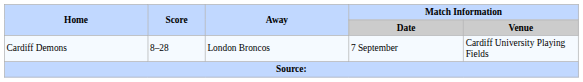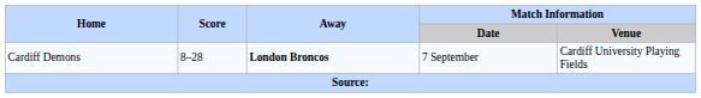 <table class="wikitable defaultcenter col1right col3left" style="font-size:90%; background-color:#F5FAFF" width=100%>
 <tr>
 <th scope="col" rowspan=2 style="background-color:#C1D8FF" width=25%>Home</th>
 <th scope="col" rowspan=2 style="background-color:#C1D8FF" width=10%>Score</th>
 <th scope="col" rowspan=2 style="background-color:#C1D8FF" width=25%>Away</th>
 <th colspan=2 style="background-color:#C1D8FF">Match Information</th>
 </tr>
 <tr>
 <th scope="col" style="background-color:#CCCCCC" width=20%>Date</th>
 <th scope="col" style="background-color:#CCCCCC" width=20%>Venue</th>
 </tr>
 <tr>
 <td>Cardiff Demons </td>
 <td>8–28</td>
-<td> London Broncos</td>
+<td><strong> London Broncos</strong></td>
 <td>7 September</td>
 <td>Cardiff University Playing Fields</td>
 </tr>
 <tr>
 <th colspan=5 style="background-color:#c1d8ff;">Source:</th>
 </tr>
 </table>
